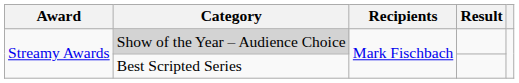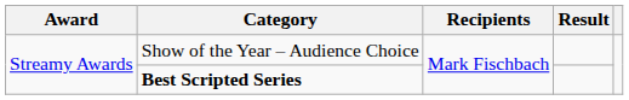 <table class="wikitable">
 <tr>
 <th>Award</th>
 <th>Category</th>
 <th>Recipients</th>
 <th>Result</th>
 <th scope="col" class="unsortable"></th>
 </tr>
 <tr>
 <td rowspan="2"><a href='#'>Streamy Awards</a></td>
-<td style="background: lightgrey;">Show of the Year – Audience Choice</td>
+<td>Show of the Year – Audience Choice</td>
 <td rowspan="2"><a href='#'>Mark Fischbach</a></td>
 <td></td>
 <td rowspan="2" style="text-align:center;"></td>
 </tr>
 <tr>
-<td>Best Scripted Series</td>
+<td><strong>Best Scripted Series</strong></td>
 <td></td>
 </tr>
 </table>
